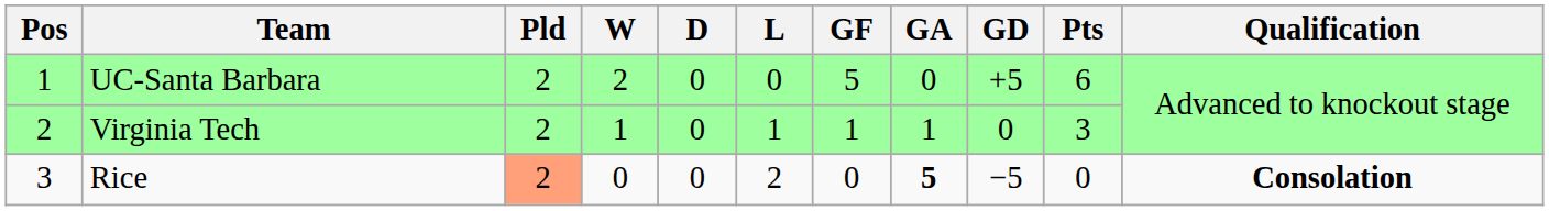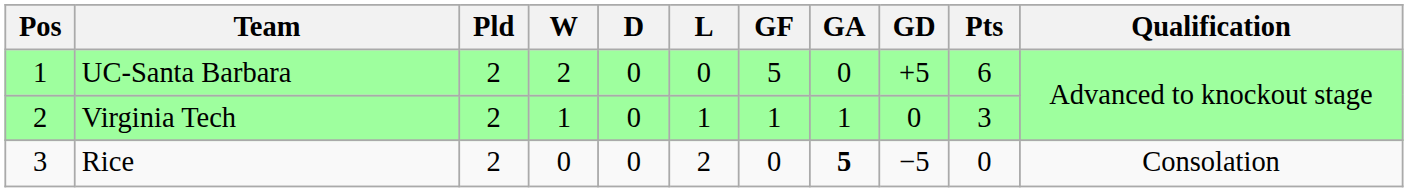 <table class="wikitable" style="text-align:center; margin: 1em auto">
 <tr>
 <th style=width:2em>Pos</th>
 <th style=width:13em>Team</th>
 <th style=width:2em>Pld</th>
 <th style=width:2em>W</th>
 <th style=width:2em>D</th>
 <th style=width:2em>L</th>
 <th style=width:2em>GF</th>
 <th style=width:2em>GA</th>
 <th style=width:2em>GD</th>
 <th style=width:2em>Pts</th>
 <th style=width:13em>Qualification</th>
 </tr>
 <tr bgcolor="#9eff9e">
 <td>1</td>
 <td style="text-align:left">UC-Santa Barbara</td>
 <td>2</td>
 <td>2</td>
 <td>0</td>
 <td>0</td>
 <td>5</td>
 <td>0</td>
 <td>+5</td>
 <td>6</td>
 <td rowspan="2">Advanced to knockout stage</td>
 </tr>
 <tr bgcolor="#9eff9e">
 <td>2</td>
 <td style="text-align:left">Virginia Tech</td>
 <td>2</td>
 <td>1</td>
 <td>0</td>
 <td>1</td>
 <td>1</td>
 <td>1</td>
 <td>0</td>
 <td>3</td>
 </tr>
 <tr>
 <td>3</td>
 <td style="text-align:left">Rice</td>
-<td style="background: lightsalmon;">2</td>
+<td>2</td>
 <td>0</td>
 <td>0</td>
 <td>2</td>
 <td>0</td>
 <td><strong>5</strong></td>
 <td>−5</td>
 <td>0</td>
-<td><strong>Consolation</strong></td>
+<td>Consolation</td>
 </tr>
 </table>
